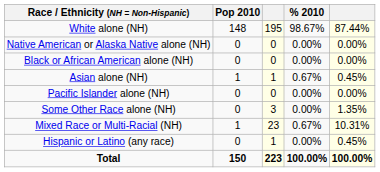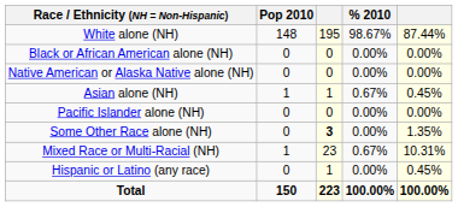 <table class="wikitable" style="text-align:center;">
 <tr>
 <th>Race / Ethnicity <small>(<em>NH = Non-Hispanic</em>)</small></th>
 <th>Pop 2010</th>
 <th></th>
 <th>% 2010</th>
 <th></th>
 </tr>
 <tr>
 <td><a href='#'>White</a> alone (NH)</td>
 <td>148</td>
 <td style='background: #ffffe6;'>195</td>
 <td>98.67%</td>
 <td style='background: #ffffe6;'>87.44%</td>
 </tr>
 <tr>
-<td><a href='#'>Native American</a> or <a href='#'>Alaska Native</a> alone (NH)</td>
+<td><a href='#'>Black or African American</a> alone (NH)</td>
 <td>0</td>
 <td style='background: #ffffe6;'>0</td>
 <td>0.00%</td>
 <td style='background: #ffffe6;'>0.00%</td>
 </tr>
 <tr>
-<td><a href='#'>Black or African American</a> alone (NH)</td>
+<td><a href='#'>Native American</a> or <a href='#'>Alaska Native</a> alone (NH)</td>
 <td>0</td>
 <td style='background: #ffffe6;'>0</td>
 <td>0.00%</td>
 <td style='background: #ffffe6;'>0.00%</td>
 </tr>
 <tr>
 <td><a href='#'>Asian</a> alone (NH)</td>
 <td>1</td>
 <td style='background: #ffffe6;'>1</td>
 <td>0.67%</td>
 <td style='background: #ffffe6;'>0.45%</td>
 </tr>
 <tr>
 <td><a href='#'>Pacific Islander</a> alone (NH)</td>
 <td>0</td>
 <td style='background: #ffffe6;'>0</td>
 <td>0.00%</td>
 <td style='background: #ffffe6;'>0.00%</td>
 </tr>
 <tr>
 <td><a href='#'>Some Other Race</a> alone (NH)</td>
 <td>0</td>
-<td style='background: #ffffe6;'>3</td>
+<td style='background: #ffffe6;'><strong>3</strong></td>
 <td>0.00%</td>
 <td style='background: #ffffe6;'>1.35%</td>
 </tr>
 <tr>
 <td><a href='#'>Mixed Race or Multi-Racial</a> (NH)</td>
 <td>1</td>
 <td style='background: #ffffe6;'>23</td>
 <td>0.67%</td>
 <td style='background: #ffffe6;'>10.31%</td>
 </tr>
 <tr>
 <td><a href='#'>Hispanic or Latino</a> (any race)</td>
 <td>0</td>
 <td style='background: #ffffe6;'>1</td>
 <td>0.00%</td>
 <td style='background: #ffffe6;'>0.45%</td>
 </tr>
 <tr>
 <td><strong>Total</strong></td>
 <td><strong>150</strong></td>
 <td style='background: #ffffe6;'><strong>223</strong></td>
 <td><strong>100.00%</strong></td>
 <td style='background: #ffffe6;'><strong>100.00%</strong></td>
 </tr>
 </table>
